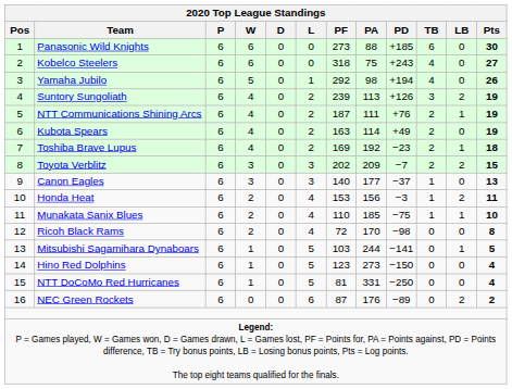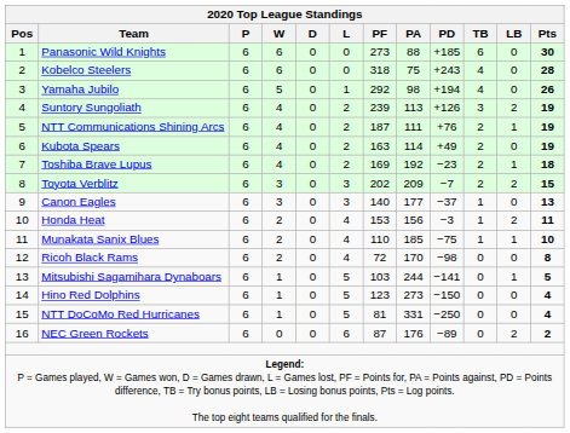 <table class="wikitable" style="text-align:center; font-size:100%; width:60%;">
 <tr>
 <th colspan="100%" cellpadding="0" cellspacing="0"><strong>2020 Top League Standings</strong></th>
 </tr>
 <tr>
 <th style="width:6%;">Pos</th>
 <th style="width:34%;">Team</th>
 <th style="width:6%;">P</th>
 <th style="width:6%;">W</th>
 <th style="width:6%;">D</th>
 <th style="width:6%;">L</th>
 <th style="width:6%;">PF</th>
 <th style="width:6%;">PA</th>
 <th style="width:6%;">PD</th>
 <th style="width:6%;">TB</th>
 <th style="width:6%;">LB</th>
 <th style="width:6%;">Pts<br></th>
 </tr>
 <tr style="background:#DDFFDD;">
 <td>1</td>
 <td style="text-align:left;"><a href='#'>Panasonic Wild Knights</a></td>
 <td>6</td>
 <td>6</td>
 <td>0</td>
 <td>0</td>
 <td>273</td>
 <td>88</td>
 <td>+185</td>
 <td>6</td>
 <td>0</td>
 <td><strong>30</strong></td>
 </tr>
 <tr style="background:#DDFFDD;">
 <td>2</td>
 <td style="text-align:left;"><a href='#'>Kobelco Steelers</a></td>
 <td>6</td>
 <td>6</td>
 <td>0</td>
 <td>0</td>
 <td>318</td>
 <td>75</td>
 <td>+243</td>
 <td>4</td>
 <td>0</td>
-<td><strong>27</strong></td>
+<td><strong>28</strong></td>
 </tr>
 <tr style="background:#DDFFDD;">
 <td>3</td>
 <td style="text-align:left;"><a href='#'>Yamaha Jubilo</a></td>
 <td>6</td>
 <td>5</td>
 <td>0</td>
 <td>1</td>
 <td>292</td>
 <td>98</td>
 <td>+194</td>
 <td>4</td>
 <td>0</td>
 <td><strong>26</strong></td>
 </tr>
 <tr style="background:#DDFFDD;">
 <td>4</td>
 <td style="text-align:left;"><a href='#'>Suntory Sungoliath</a></td>
 <td>6</td>
 <td>4</td>
 <td>0</td>
 <td>2</td>
 <td>239</td>
 <td>113</td>
 <td>+126</td>
 <td>3</td>
 <td>2</td>
 <td><strong>19</strong></td>
 </tr>
 <tr style="background:#DDFFDD;">
 <td>5</td>
 <td style="text-align:left;"><a href='#'>NTT Communications Shining Arcs</a></td>
 <td>6</td>
 <td>4</td>
 <td>0</td>
 <td>2</td>
 <td>187</td>
 <td>111</td>
 <td>+76</td>
 <td>2</td>
 <td>1</td>
 <td><strong>19</strong></td>
 </tr>
 <tr style="background:#DDFFDD;">
 <td>6</td>
 <td style="text-align:left;"><a href='#'>Kubota Spears</a></td>
 <td>6</td>
 <td>4</td>
 <td>0</td>
 <td>2</td>
 <td>163</td>
 <td>114</td>
 <td>+49</td>
 <td>2</td>
 <td>0</td>
 <td><strong>19</strong></td>
 </tr>
 <tr style="background:#DDFFDD;">
 <td>7</td>
 <td style="text-align:left;"><a href='#'>Toshiba Brave Lupus</a></td>
 <td>6</td>
 <td>4</td>
 <td>0</td>
 <td>2</td>
 <td>169</td>
 <td>192</td>
 <td>−23</td>
 <td>2</td>
 <td>1</td>
 <td><strong>18</strong></td>
 </tr>
 <tr style="background:#DDFFDD;">
 <td>8</td>
 <td style="text-align:left;"><a href='#'>Toyota Verblitz</a></td>
 <td>6</td>
 <td>3</td>
 <td>0</td>
 <td>3</td>
 <td>202</td>
 <td>209</td>
 <td>−7</td>
 <td>2</td>
 <td>2</td>
 <td><strong>15</strong></td>
 </tr>
 <tr>
 <td>9</td>
 <td style="text-align:left;"><a href='#'>Canon Eagles</a></td>
 <td>6</td>
 <td>3</td>
 <td>0</td>
 <td>3</td>
 <td>140</td>
 <td>177</td>
 <td>−37</td>
 <td>1</td>
 <td>0</td>
 <td><strong>13</strong></td>
 </tr>
 <tr>
 <td>10</td>
 <td style="text-align:left;"><a href='#'>Honda Heat</a></td>
 <td>6</td>
 <td>2</td>
 <td>0</td>
 <td>4</td>
 <td>153</td>
 <td>156</td>
 <td>−3</td>
 <td>1</td>
 <td>2</td>
 <td><strong>11</strong></td>
 </tr>
 <tr>
 <td>11</td>
 <td style="text-align:left;"><a href='#'>Munakata Sanix Blues</a></td>
 <td>6</td>
 <td>2</td>
 <td>0</td>
 <td>4</td>
 <td>110</td>
 <td>185</td>
 <td>−75</td>
 <td>1</td>
 <td>1</td>
 <td><strong>10</strong></td>
 </tr>
 <tr>
 <td>12</td>
 <td style="text-align:left;"><a href='#'>Ricoh Black Rams</a></td>
 <td>6</td>
 <td>2</td>
 <td>0</td>
 <td>4</td>
 <td>72</td>
 <td>170</td>
 <td>−98</td>
 <td>0</td>
 <td>0</td>
 <td><strong>8</strong></td>
 </tr>
 <tr>
 <td>13</td>
 <td style="text-align:left;"><a href='#'>Mitsubishi Sagamihara Dynaboars</a></td>
 <td>6</td>
 <td>1</td>
 <td>0</td>
 <td>5</td>
 <td>103</td>
 <td>244</td>
 <td>−141</td>
 <td>0</td>
 <td>1</td>
 <td><strong>5</strong></td>
 </tr>
 <tr>
 <td>14</td>
 <td style="text-align:left;"><a href='#'>Hino Red Dolphins</a></td>
 <td>6</td>
 <td>1</td>
 <td>0</td>
 <td>5</td>
 <td>123</td>
 <td>273</td>
 <td>−150</td>
 <td>0</td>
 <td>0</td>
 <td><strong>4</strong></td>
 </tr>
 <tr>
 <td>15</td>
 <td style="text-align:left;"><a href='#'>NTT DoCoMo Red Hurricanes</a></td>
 <td>6</td>
 <td>1</td>
 <td>0</td>
 <td>5</td>
 <td>81</td>
 <td>331</td>
 <td>−250</td>
 <td>0</td>
 <td>0</td>
 <td><strong>4</strong></td>
 </tr>
 <tr>
 <td>16</td>
 <td style="text-align:left;"><a href='#'>NEC Green Rockets</a></td>
 <td>6</td>
 <td>0</td>
 <td>0</td>
 <td>6</td>
 <td>87</td>
 <td>176</td>
 <td>−89</td>
 <td>0</td>
 <td>2</td>
 <td><strong>2</strong></td>
 </tr>
 <tr>
 <td colspan="100%" style="height:10px;"></td>
 </tr>
 <tr>
 <td colspan="100%"><small><strong>Legend:</strong> <br> P = Games played, W = Games won, D = Games drawn, L = Games lost, PF = Points for, PA = Points against, PD = Points difference, TB = Try bonus points, LB = Losing bonus points, Pts = Log points. <br> <br> <span>The top eight teams</span> qualified for the finals.</small></td>
 </tr>
 </table>
